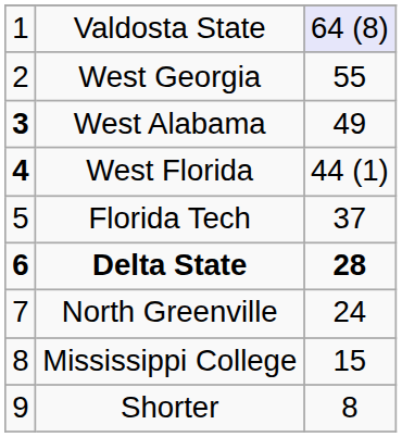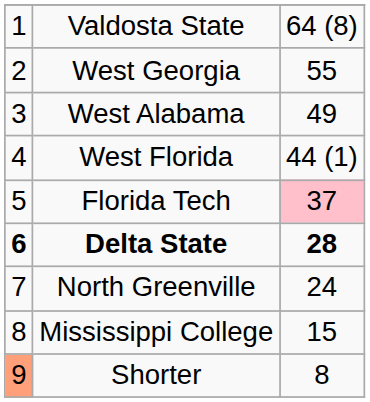 <table class="wikitable">
 <tr align="center">
 </tr>
 <tr align="center">
 <td>1</td>
 <td>Valdosta State</td>
-<td style="background: lavender;">64 (8)</td>
+<td>64 (8)</td>
 </tr>
 <tr align="center">
 <td>2</td>
 <td>West Georgia</td>
 <td>55</td>
 </tr>
 <tr align="center">
-<td><strong>3</strong></td>
+<td>3</td>
 <td>West Alabama</td>
 <td>49</td>
 </tr>
 <tr align="center">
-<td><strong>4</strong></td>
+<td>4</td>
 <td>West Florida</td>
 <td>44 (1)</td>
 </tr>
 <tr align="center">
 <td>5</td>
 <td>Florida Tech</td>
-<td>37</td>
+<td style="background: pink;">37</td>
 </tr>
 <tr align="center">
 <td><strong>6</strong></td>
 <td><strong>Delta State</strong></td>
 <td><strong>28</strong></td>
 </tr>
 <tr align="center">
 <td>7</td>
 <td>North Greenville</td>
 <td>24</td>
 </tr>
 <tr align="center">
 <td>8</td>
 <td>Mississippi College</td>
 <td>15</td>
 </tr>
 <tr align="center">
-<td>9</td>
+<td style="background: lightsalmon;">9</td>
 <td>Shorter</td>
 <td>8</td>
 </tr>
 </table>
